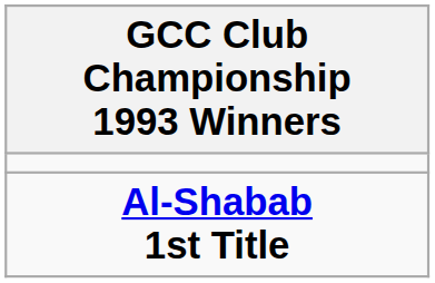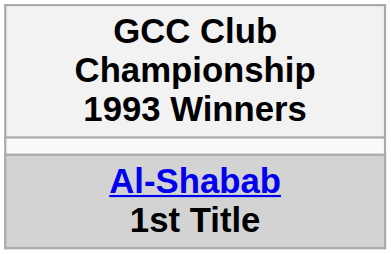 <table class="wikitable" style="text-align: center; margin: 0 auto; width: 20%">
 <tr>
 <th>GCC Club Championship <br>1993 Winners</th>
 </tr>
 <tr>
 <td></td>
 </tr>
 <tr>
-<td><strong><a href='#'>Al-Shabab</a></strong><br><strong>1st Title</strong></td>
+<td style="background: lightgrey;"><strong><a href='#'>Al-Shabab</a></strong><br><strong>1st Title</strong></td>
 </tr>
 </table>
